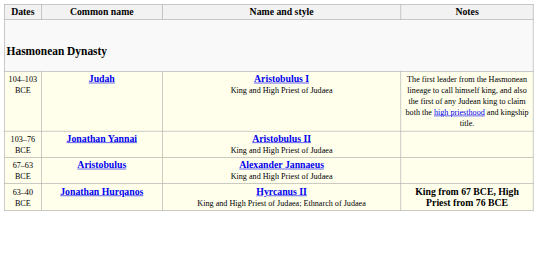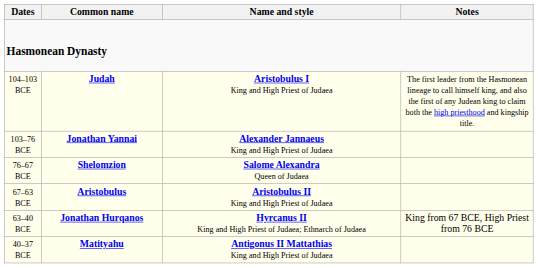 <table class="wikitable" style="align: center;">
 <tr>
 <th style="width:7%;">Dates</th>
 <th>Common name</th>
 <th>Name and style</th>
 <th style="width:25%;">Notes</th>
 </tr>
 <tr>
 <td colspan="4"><br><h3>Hasmonean Dynasty</h3></td>
 </tr>
 <tr style="background:#ffffec; vertical-align:top; text-align:center;">
 <td><small>104–103 BCE</small></td>
 <td><strong><a href='#'>Judah</a></strong></td>
 <td><strong><a href='#'>Aristobulus I</a></strong><br><small>King and High Priest of Judaea</small></td>
 <td><small>The first leader from the Hasmonean lineage to call himself king, and also the first of any Judean king to claim both the <a href='#'>high priesthood</a> and kingship title.</small></td>
 </tr>
 <tr style="background:#ffffec; vertical-align:top; text-align:center;">
 <td><small>103–76 BCE</small></td>
 <td><strong><a href='#'>Jonathan Yannai</a></strong></td>
-<td><strong><a href='#'>Aristobulus II</a></strong><br><small>King and High Priest of Judaea</small></td>
+<td><strong><a href='#'>Alexander Jannaeus</a></strong><br><small>King and High Priest of Judaea</small></td>
+<td></td>
+</tr>
+<tr style="background:#ffffec; vertical-align:top; text-align:center;">
+<td><small>76–67 BCE</small></td>
+<td><strong><a href='#'>Shelomzion</a></strong></td>
+<td><strong><a href='#'>Salome Alexandra</a></strong><br><small>Queen of Judaea</small></td>
 <td></td>
 </tr>
 <tr style="background:#ffffec; vertical-align:top; text-align:center;">
 <td><small>67–63 BCE</small></td>
 <td><strong><a href='#'>Aristobulus</a></strong></td>
-<td><strong><a href='#'>Alexander Jannaeus</a></strong><br><small>King and High Priest of Judaea</small></td>
+<td><strong><a href='#'>Aristobulus II</a></strong><br><small>King and High Priest of Judaea</small></td>
 <td></td>
 </tr>
 <tr style="background:#ffffec; vertical-align:top; text-align:center;">
 <td><small>63–40 BCE</small></td>
 <td><strong><a href='#'>Jonathan Hurqanos</a></strong></td>
 <td><strong><a href='#'>Hyrcanus II</a></strong><br><small>King and High Priest of Judaea; Ethnarch of Judaea</small></td>
-<td><strong>King from 67 BCE, High Priest from 76 BCE</strong></td>
+<td>King from 67 BCE, High Priest from 76 BCE</td>
+</tr>
+<tr style="background:#ffffec; vertical-align:top; text-align:center;">
+<td><small>40–37 BCE</small></td>
+<td><strong><a href='#'>Matityahu</a></strong></td>
+<td><strong><a href='#'>Antigonus II Mattathias</a></strong><br><small>King and High Priest of Judaea</small></td>
+<td></td>
 </tr>
 </table>
